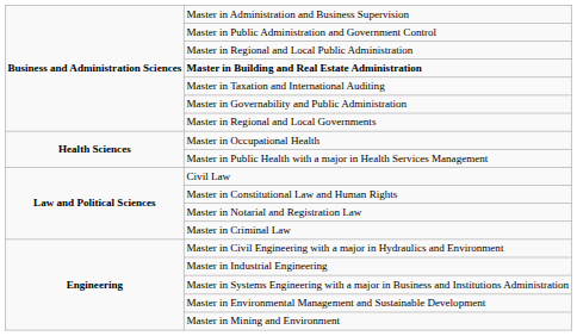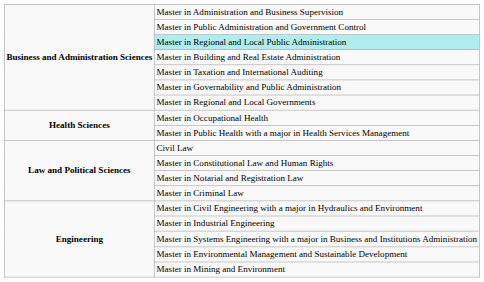 <table class="wikitable" align="center" style="font-size:90%;border:0px;text-align:left;line-height:120%">
 <tr>
 <td rowspan="7" style="text-align: center; font-weight: bold;">Business and Administration Sciences</td>
 <td>Master in Administration and Business Supervision</td>
 </tr>
 <tr>
 <td>Master in Public Administration and Government Control</td>
 </tr>
 <tr>
-<td>Master in Regional and Local Public Administration</td>
+<td style="background: paleturquoise;">Master in Regional and Local Public Administration</td>
 </tr>
 <tr>
-<td><strong>Master in Building and Real Estate Administration</strong></td>
+<td>Master in Building and Real Estate Administration</td>
 </tr>
 <tr>
 <td>Master in Taxation and International Auditing</td>
 </tr>
 <tr>
 <td>Master in Governability and Public Administration</td>
 </tr>
 <tr>
 <td>Master in Regional and Local Governments</td>
 </tr>
 <tr>
 <td rowspan="2" style="text-align: center; font-weight: bold;">Health Sciences</td>
 <td>Master in Occupational Health</td>
 </tr>
 <tr>
 <td>Master in Public Health with a major in Health Services Management</td>
 </tr>
 <tr>
 <td rowspan="4" style="text-align: center; font-weight: bold;">Law and Political Sciences</td>
 <td>Civil Law</td>
 </tr>
 <tr>
 <td>Master in Constitutional Law and Human Rights</td>
 </tr>
 <tr>
 <td>Master in Notarial and Registration Law</td>
 </tr>
 <tr>
 <td>Master in Criminal Law</td>
 </tr>
 <tr>
 <td rowspan="5" style="text-align: center; font-weight: bold;">Engineering</td>
 <td>Master in Civil Engineering with a major in Hydraulics and Environment</td>
 </tr>
 <tr>
 <td>Master in Industrial Engineering</td>
 </tr>
 <tr>
 <td>Master in Systems Engineering with a major in Business and Institutions Administration</td>
 </tr>
 <tr>
 <td>Master in Environmental Management and Sustainable Development</td>
 </tr>
 <tr>
 <td>Master in Mining and Environment</td>
 </tr>
 <tr>
 </tr>
 </table>
